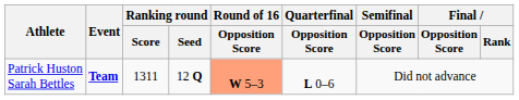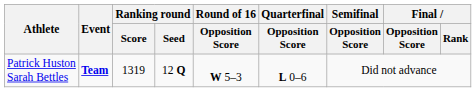 <table class=wikitable style="font-size:90%; text-align:center;">
 <tr>
 <th rowspan=2>Athlete</th>
 <th rowspan=2>Event</th>
 <th colspan=2>Ranking round</th>
 <th>Round of 16</th>
 <th>Quarterfinal</th>
 <th>Semifinal</th>
 <th colspan=2>Final / </th>
 </tr>
 <tr style=font-size:95%>
 <th>Score</th>
 <th>Seed</th>
 <th>Opposition<br>Score</th>
 <th>Opposition<br>Score</th>
 <th>Opposition<br>Score</th>
 <th>Opposition<br>Score</th>
 <th>Rank</th>
 </tr>
 <tr>
 <td align=left><a href='#'>Patrick Huston</a><br><a href='#'>Sarah Bettles</a></td>
 <td align=left><strong><a href='#'>Team</a></strong></td>
-<td>1311</td>
+<td>1319</td>
 <td>12 <strong>Q</strong></td>
-<td style="background: lightsalmon;"><br><strong>W</strong> 5–3</td>
+<td><br><strong>W</strong> 5–3</td>
 <td><br><strong>L</strong> 0–6</td>
 <td colspan=5>Did not advance</td>
 </tr>
 </table>
